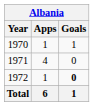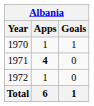 <table class="wikitable" style="text-align:center">
 <tr>
 <th colspan=3><a href='#'>Albania</a></th>
 </tr>
 <tr>
 <th>Year</th>
 <th>Apps</th>
 <th>Goals</th>
 </tr>
 <tr>
 <td>1970</td>
 <td>1</td>
 <td>1</td>
 </tr>
 <tr>
 <td>1971</td>
-<td>4</td>
+<td><strong>4</strong></td>
 <td>0</td>
 </tr>
 <tr>
 <td>1972</td>
 <td>1</td>
-<td><strong>0</strong></td>
+<td>0</td>
 </tr>
 <tr>
 <th>Total</th>
 <th>6</th>
 <th>1</th>
 </tr>
 </table>
